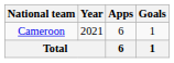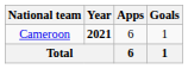 <table class="wikitable" style="text-align:center">
 <tr>
 <th>National team</th>
 <th>Year</th>
 <th>Apps</th>
 <th>Goals</th>
 </tr>
 <tr>
 <td rowspan="1"><a href='#'>Cameroon</a></td>
-<td>2021</td>
+<td><strong>2021</strong></td>
 <td>6</td>
 <td>1</td>
 </tr>
 <tr>
 <th colspan=2>Total</th>
 <th>6</th>
 <th>1</th>
 </tr>
 </table>
